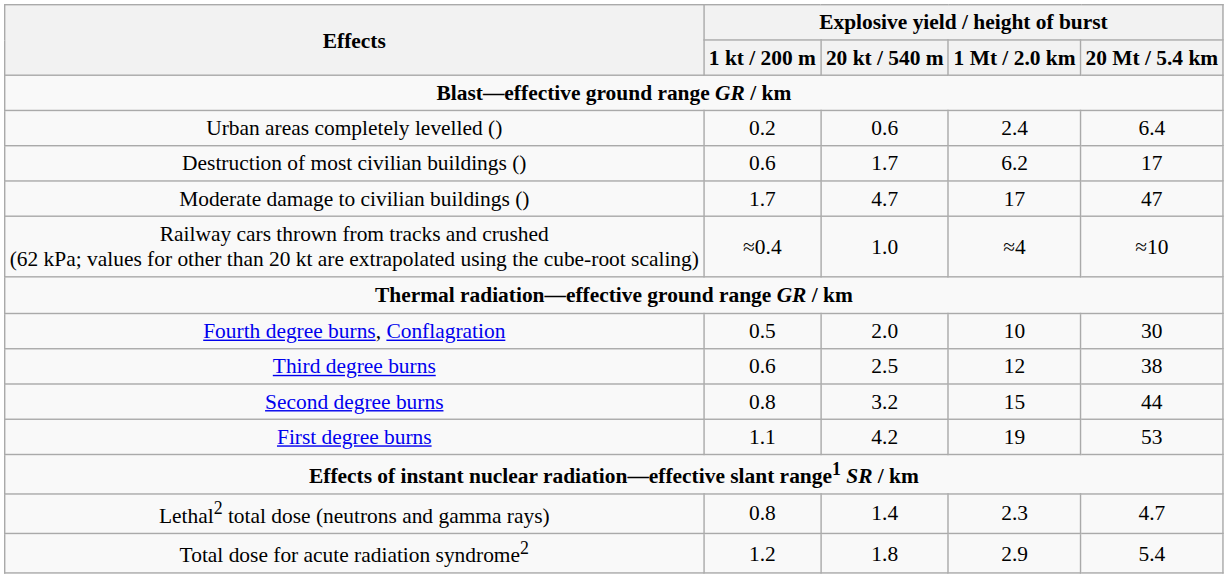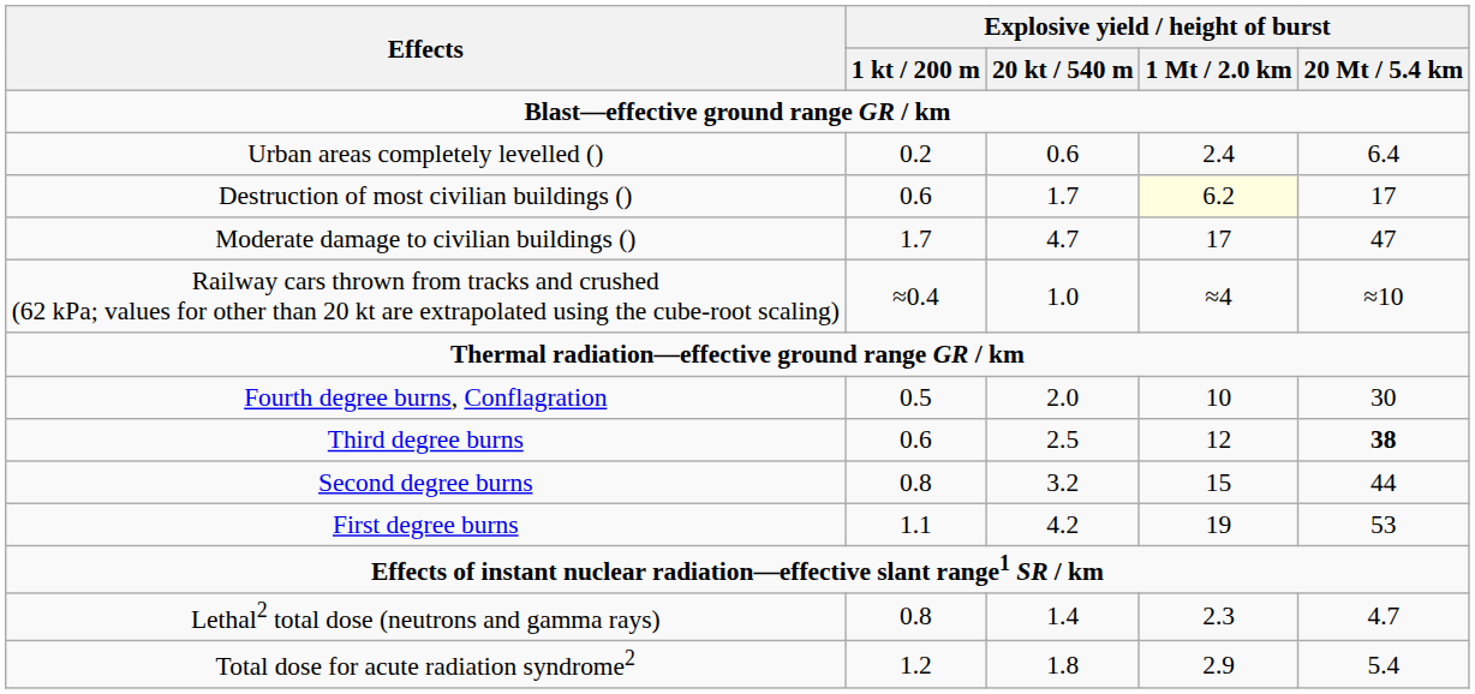 <table class="wikitable" style="font-size:95%; text-align:center;">
 <tr>
 <th rowspan=2>Effects</th>
 <th colspan=4>Explosive yield / height of burst</th>
 </tr>
 <tr>
 <th>1 kt / 200 m</th>
 <th>20 kt / 540 m</th>
 <th>1 Mt / 2.0 km</th>
 <th>20 Mt / 5.4 km</th>
 </tr>
 <tr>
 <td colspan=6><strong>Blast—effective ground range <em>GR</em> / km</strong></td>
 </tr>
 <tr>
 <td>Urban areas completely levelled ()</td>
 <td>0.2</td>
 <td>0.6</td>
 <td>2.4</td>
 <td>6.4</td>
 </tr>
 <tr>
 <td>Destruction of most civilian buildings ()</td>
 <td>0.6</td>
 <td>1.7</td>
-<td>6.2</td>
+<td style="background: lightyellow;">6.2</td>
 <td>17</td>
 </tr>
 <tr>
 <td>Moderate damage to civilian buildings ()</td>
 <td>1.7</td>
 <td>4.7</td>
 <td>17</td>
 <td>47</td>
 </tr>
 <tr>
 <td>Railway cars thrown from tracks and crushed<br>(62 kPa; values for other than 20 kt are extrapolated using the cube-root scaling)</td>
 <td>≈0.4</td>
 <td>1.0</td>
 <td>≈4</td>
 <td>≈10</td>
 </tr>
 <tr>
 <td colspan=6><strong>Thermal radiation—effective ground range <em>GR</em> / km</strong></td>
 </tr>
 <tr>
 <td><a href='#'>Fourth degree burns</a>, <a href='#'>Conflagration</a></td>
 <td>0.5</td>
 <td>2.0</td>
 <td>10</td>
 <td>30</td>
 </tr>
 <tr>
 <td><a href='#'>Third degree burns</a></td>
 <td>0.6</td>
 <td>2.5</td>
 <td>12</td>
-<td>38</td>
+<td><strong>38</strong></td>
 </tr>
 <tr>
 <td><a href='#'>Second degree burns</a></td>
 <td>0.8</td>
 <td>3.2</td>
 <td>15</td>
 <td>44</td>
 </tr>
 <tr>
 <td><a href='#'>First degree burns</a></td>
 <td>1.1</td>
 <td>4.2</td>
 <td>19</td>
 <td>53</td>
 </tr>
 <tr>
 <td colspan=6><strong>Effects of instant nuclear radiation—effective slant range<sup>1</sup> <em>SR</em> / km</strong></td>
 </tr>
 <tr>
 <td>Lethal<sup>2</sup> total dose (neutrons and gamma rays)</td>
 <td>0.8</td>
 <td>1.4</td>
 <td>2.3</td>
 <td>4.7</td>
 </tr>
 <tr>
 <td>Total dose for acute radiation syndrome<sup>2</sup></td>
 <td>1.2</td>
 <td>1.8</td>
 <td>2.9</td>
 <td>5.4</td>
 </tr>
 </table>
